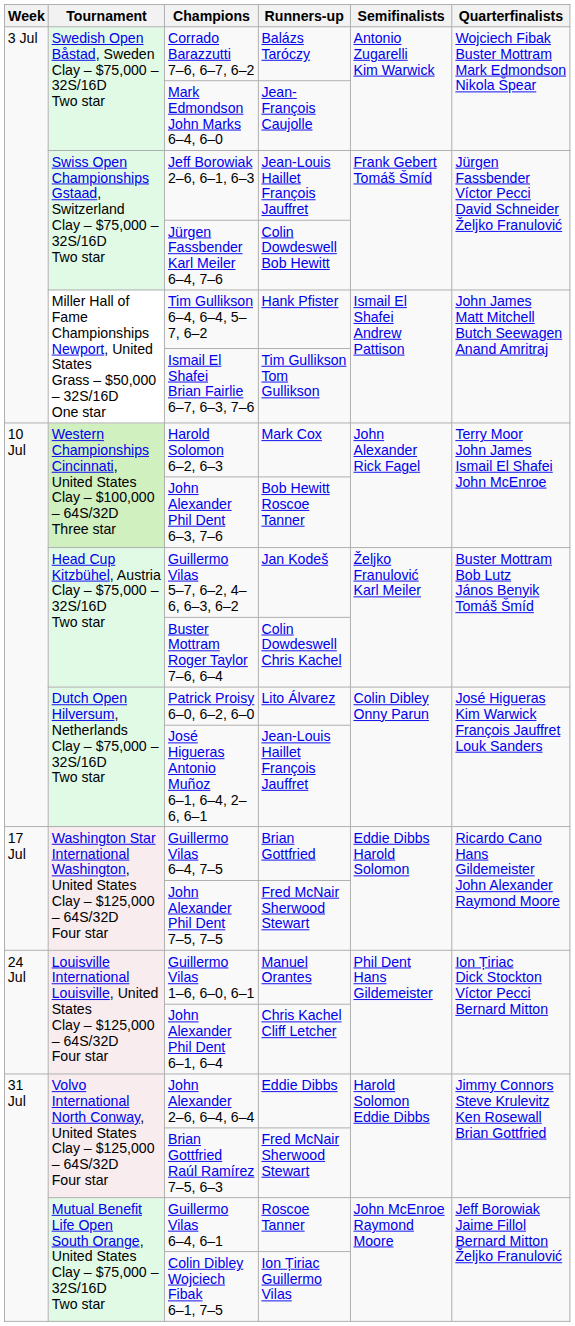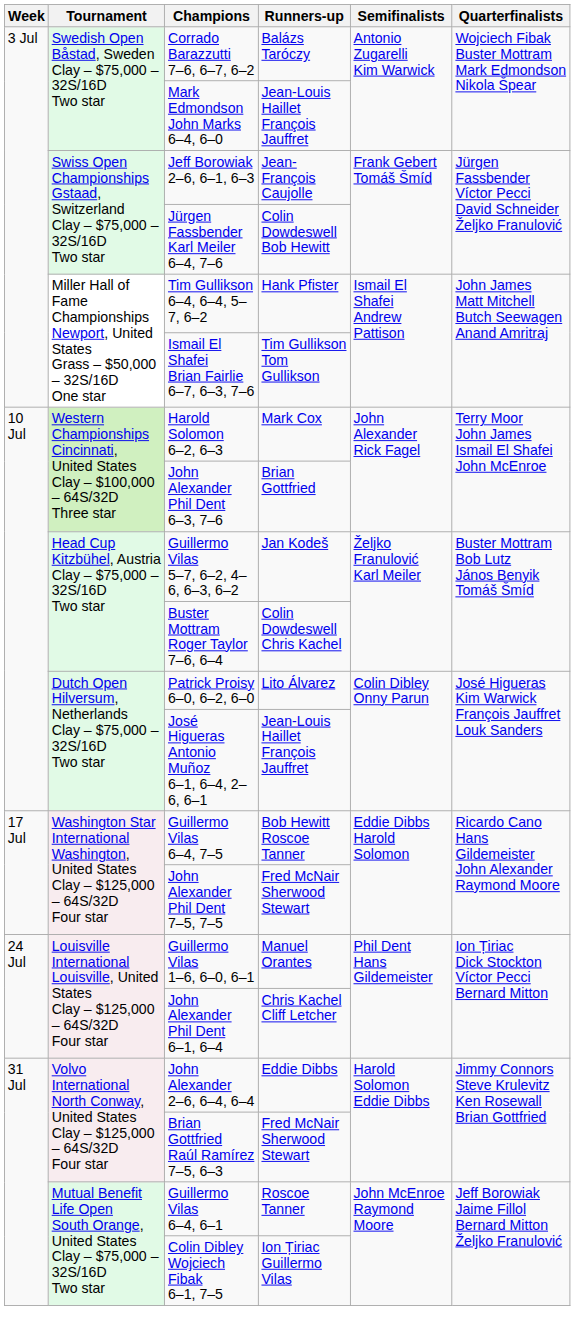 <table class=wikitable style=font-size:95%>
 <tr>
 <th style="width:48px;">Week</th>
 <th style="width:250px;">Tournament</th>
 <th style="width:200px;">Champions</th>
 <th style="width:200px;">Runners-up</th>
 <th style="width:190px;">Semifinalists</th>
 <th style="width:190px;">Quarterfinalists</th>
 </tr>
 <tr valign=top>
 <td rowspan=6>3 Jul</td>
 <td style="background:#E1FAE6;" rowspan="2"><a href='#'>Swedish Open</a> <br> <a href='#'>Båstad</a>, Sweden <br> Clay – $75,000 – 32S/16D <br> Two star</td>
 <td> <a href='#'>Corrado Barazzutti</a> <br> 7–6, 6–7, 6–2</td>
 <td> <a href='#'>Balázs Taróczy</a></td>
 <td rowspan=2> <a href='#'>Antonio Zugarelli</a> <br>  <a href='#'>Kim Warwick</a></td>
 <td rowspan=2> <a href='#'>Wojciech Fibak</a> <br>  <a href='#'>Buster Mottram</a> <br>  <a href='#'>Mark Edmondson</a> <br>  <a href='#'>Nikola Špear</a></td>
 </tr>
 <tr valign=top>
 <td> <a href='#'>Mark Edmondson</a> <br>  <a href='#'>John Marks</a> <br> 6–4, 6–0</td>
-<td> <a href='#'>Jean-François Caujolle</a></td>
+<td> <a href='#'>Jean-Louis Haillet</a> <br>  <a href='#'>François Jauffret</a></td>
 </tr>
 <tr valign=top>
 <td style="background:#E1FAE6;" rowspan="2"><a href='#'>Swiss Open Championships</a> <br> <a href='#'>Gstaad</a>, Switzerland <br> Clay – $75,000 – 32S/16D <br> Two star</td>
 <td> <a href='#'>Jeff Borowiak</a> <br> 2–6, 6–1, 6–3</td>
-<td> <a href='#'>Jean-Louis Haillet</a> <br>  <a href='#'>François Jauffret</a></td>
+<td> <a href='#'>Jean-François Caujolle</a></td>
 <td rowspan=2> <a href='#'>Frank Gebert</a> <br>  <a href='#'>Tomáš Šmíd</a></td>
 <td rowspan=2> <a href='#'>Jürgen Fassbender</a> <br>  <a href='#'>Víctor Pecci</a> <br>  <a href='#'>David Schneider</a> <br>  <a href='#'>Željko Franulović</a></td>
 </tr>
 <tr valign=top>
 <td> <a href='#'>Jürgen Fassbender</a> <br>  <a href='#'>Karl Meiler</a> <br> 6–4, 7–6</td>
 <td> <a href='#'>Colin Dowdeswell</a> <br>  <a href='#'>Bob Hewitt</a></td>
 </tr>
 <tr valign=top>
 <td style="background:#fff;" rowspan="2">Miller Hall of Fame Championships <br> <a href='#'>Newport</a>, United States <br> Grass – $50,000 – 32S/16D <br> One star</td>
 <td> <a href='#'>Tim Gullikson</a> <br> 6–4, 6–4, 5–7, 6–2</td>
 <td> <a href='#'>Hank Pfister</a></td>
 <td rowspan=2> <a href='#'>Ismail El Shafei</a> <br>  <a href='#'>Andrew Pattison</a></td>
 <td rowspan=2> <a href='#'>John James</a> <br>  <a href='#'>Matt Mitchell</a> <br>  <a href='#'>Butch Seewagen</a> <br>  <a href='#'>Anand Amritraj</a></td>
 </tr>
 <tr valign=top>
 <td> <a href='#'>Ismail El Shafei</a> <br>  <a href='#'>Brian Fairlie</a> <br> 6–7, 6–3, 7–6</td>
 <td> <a href='#'>Tim Gullikson</a> <br>  <a href='#'>Tom Gullikson</a></td>
 </tr>
 <tr valign=top>
 <td rowspan=6>10 Jul</td>
 <td style="background:#d0f0c0;" rowspan="2"><a href='#'>Western Championships</a> <br> <a href='#'>Cincinnati</a>, United States <br> Clay – $100,000 – 64S/32D <br> Three star</td>
 <td> <a href='#'>Harold Solomon</a> <br> 6–2, 6–3</td>
 <td> <a href='#'>Mark Cox</a></td>
 <td rowspan=2> <a href='#'>John Alexander</a> <br>  <a href='#'>Rick Fagel</a></td>
 <td rowspan=2> <a href='#'>Terry Moor</a> <br>  <a href='#'>John James</a> <br>  <a href='#'>Ismail El Shafei</a> <br>  <a href='#'>John McEnroe</a></td>
 </tr>
 <tr valign=top>
 <td> <a href='#'>John Alexander</a> <br>  <a href='#'>Phil Dent</a> <br> 6–3, 7–6</td>
-<td> <a href='#'>Bob Hewitt</a> <br>  <a href='#'>Roscoe Tanner</a></td>
+<td> <a href='#'>Brian Gottfried</a></td>
 </tr>
 <tr valign=top>
 <td style="background:#E1FAE6;" rowspan="2"><a href='#'>Head Cup</a> <br> <a href='#'>Kitzbühel</a>, Austria <br> Clay – $75,000 – 32S/16D <br> Two star</td>
 <td> <a href='#'>Guillermo Vilas</a> <br> 5–7, 6–2, 4–6, 6–3, 6–2</td>
 <td> <a href='#'>Jan Kodeš</a></td>
 <td rowspan=2> <a href='#'>Željko Franulović</a> <br>  <a href='#'>Karl Meiler</a></td>
 <td rowspan=2> <a href='#'>Buster Mottram</a> <br>  <a href='#'>Bob Lutz</a> <br>  <a href='#'>János Benyik</a> <br>  <a href='#'>Tomáš Šmíd</a></td>
 </tr>
 <tr valign=top>
 <td> <a href='#'>Buster Mottram</a> <br>  <a href='#'>Roger Taylor</a> <br> 7–6, 6–4</td>
 <td> <a href='#'>Colin Dowdeswell</a> <br>  <a href='#'>Chris Kachel</a></td>
 </tr>
 <tr valign=top>
 <td style="background:#E1FAE6;" rowspan="2"><a href='#'>Dutch Open</a> <br> <a href='#'>Hilversum</a>, Netherlands <br> Clay – $75,000 – 32S/16D <br> Two star</td>
 <td> <a href='#'>Patrick Proisy</a> <br> 6–0, 6–2, 6–0</td>
 <td> <a href='#'>Lito Álvarez</a></td>
 <td rowspan=2> <a href='#'>Colin Dibley</a> <br>  <a href='#'>Onny Parun</a></td>
 <td rowspan=2> <a href='#'>José Higueras</a> <br>  <a href='#'>Kim Warwick</a> <br>  <a href='#'>François Jauffret</a> <br>  <a href='#'>Louk Sanders</a></td>
 </tr>
 <tr valign=top>
 <td> <a href='#'>José Higueras</a> <br>  <a href='#'>Antonio Muñoz</a> <br> 6–1, 6–4, 2–6, 6–1</td>
 <td> <a href='#'>Jean-Louis Haillet</a> <br>  <a href='#'>François Jauffret</a></td>
 </tr>
 <tr valign=top>
 <td rowspan=2>17 Jul</td>
 <td style="background:#F8ECEF;" rowspan="2"><a href='#'>Washington Star International</a> <br> <a href='#'>Washington</a>, United States <br> Clay – $125,000 – 64S/32D <br> Four star</td>
 <td> <a href='#'>Guillermo Vilas</a> <br> 6–4, 7–5</td>
-<td> <a href='#'>Brian Gottfried</a></td>
+<td> <a href='#'>Bob Hewitt</a> <br>  <a href='#'>Roscoe Tanner</a></td>
 <td rowspan=2> <a href='#'>Eddie Dibbs</a> <br>  <a href='#'>Harold Solomon</a></td>
 <td rowspan=2> <a href='#'>Ricardo Cano</a> <br>  <a href='#'>Hans Gildemeister</a> <br>  <a href='#'>John Alexander</a> <br>  <a href='#'>Raymond Moore</a></td>
 </tr>
 <tr valign=top>
 <td> <a href='#'>John Alexander</a> <br>  <a href='#'>Phil Dent</a> <br> 7–5, 7–5</td>
 <td> <a href='#'>Fred McNair</a> <br>  <a href='#'>Sherwood Stewart</a></td>
 </tr>
 <tr valign=top>
 <td rowspan=2>24 Jul</td>
 <td style="background:#F8ECEF;" rowspan="2"><a href='#'>Louisville International</a> <br> <a href='#'>Louisville</a>, United States <br> Clay – $125,000 – 64S/32D <br> Four star</td>
 <td> <a href='#'>Guillermo Vilas</a> <br> 1–6, 6–0, 6–1</td>
 <td> <a href='#'>Manuel Orantes</a></td>
 <td rowspan=2> <a href='#'>Phil Dent</a> <br>  <a href='#'>Hans Gildemeister</a></td>
 <td rowspan=2> <a href='#'>Ion Țiriac</a> <br>  <a href='#'>Dick Stockton</a> <br>  <a href='#'>Víctor Pecci</a> <br>  <a href='#'>Bernard Mitton</a></td>
 </tr>
 <tr valign=top>
 <td> <a href='#'>John Alexander</a> <br>  <a href='#'>Phil Dent</a> <br> 6–1, 6–4</td>
 <td> <a href='#'>Chris Kachel</a> <br>  <a href='#'>Cliff Letcher</a></td>
 </tr>
 <tr valign=top>
 <td rowspan=4>31 Jul</td>
 <td style="background:#F8ECEF;" rowspan="2"><a href='#'>Volvo International</a> <br> <a href='#'>North Conway</a>, United States <br> Clay – $125,000 – 64S/32D <br> Four star</td>
 <td> <a href='#'>John Alexander</a> <br> 2–6, 6–4, 6–4</td>
 <td> <a href='#'>Eddie Dibbs</a></td>
 <td rowspan=2> <a href='#'>Harold Solomon</a> <br>  <a href='#'>Eddie Dibbs</a></td>
 <td rowspan=2> <a href='#'>Jimmy Connors</a> <br>  <a href='#'>Steve Krulevitz</a> <br>  <a href='#'>Ken Rosewall</a> <br>  <a href='#'>Brian Gottfried</a></td>
 </tr>
 <tr valign=top>
 <td> <a href='#'>Brian Gottfried</a> <br>  <a href='#'>Raúl Ramírez</a> <br> 7–5, 6–3</td>
 <td> <a href='#'>Fred McNair</a> <br>  <a href='#'>Sherwood Stewart</a></td>
 </tr>
 <tr valign=top>
 <td style="background:#E1FAE6;" rowspan="2"><a href='#'>Mutual Benefit Life Open</a> <br> <a href='#'>South Orange</a>, United States <br> Clay – $75,000 – 32S/16D <br> Two star</td>
 <td> <a href='#'>Guillermo Vilas</a> <br> 6–4, 6–1</td>
 <td> <a href='#'>Roscoe Tanner</a></td>
 <td rowspan=2> <a href='#'>John McEnroe</a> <br>  <a href='#'>Raymond Moore</a></td>
 <td rowspan=2> <a href='#'>Jeff Borowiak</a> <br>  <a href='#'>Jaime Fillol</a> <br>  <a href='#'>Bernard Mitton</a> <br>  <a href='#'>Željko Franulović</a></td>
 </tr>
 <tr valign=top>
 <td> <a href='#'>Colin Dibley</a> <br>  <a href='#'>Wojciech Fibak</a> <br> 6–1, 7–5</td>
 <td> <a href='#'>Ion Țiriac</a> <br>  <a href='#'>Guillermo Vilas</a></td>
 </tr>
 </table>
